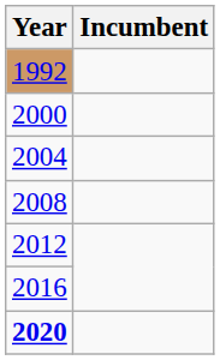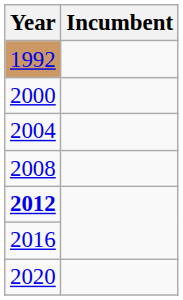 <table class="wikitable">
 <tr>
 <th>Year</th>
 <th>Incumbent</th>
 </tr>
 <tr>
 <td style="background:#c96;"><a href='#'>1992</a></td>
 <td></td>
 </tr>
 <tr>
 <td><a href='#'>2000</a></td>
 <td></td>
 </tr>
 <tr>
 <td><a href='#'>2004</a></td>
 <td></td>
 </tr>
 <tr>
 <td><a href='#'>2008</a></td>
 <td></td>
 </tr>
 <tr>
-<td><a href='#'>2012</a></td>
+<td><strong><a href='#'>2012</a></strong></td>
 <td rowspan="2"></td>
 </tr>
 <tr>
 <td><a href='#'>2016</a></td>
 </tr>
 <tr>
-<td><strong><a href='#'>2020</a></strong></td>
+<td><a href='#'>2020</a></td>
 <td></td>
 </tr>
 </table>
